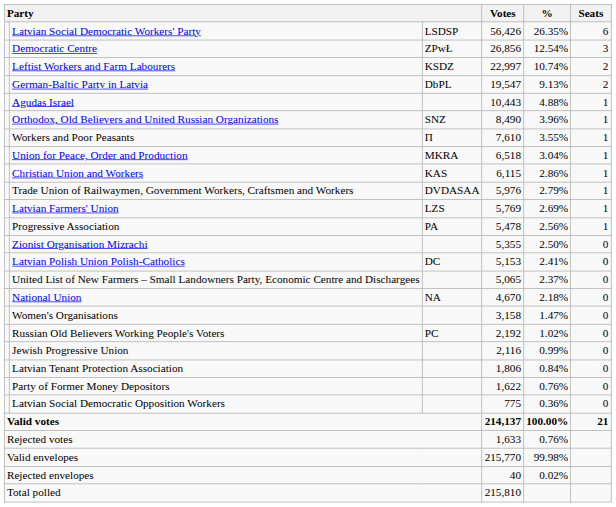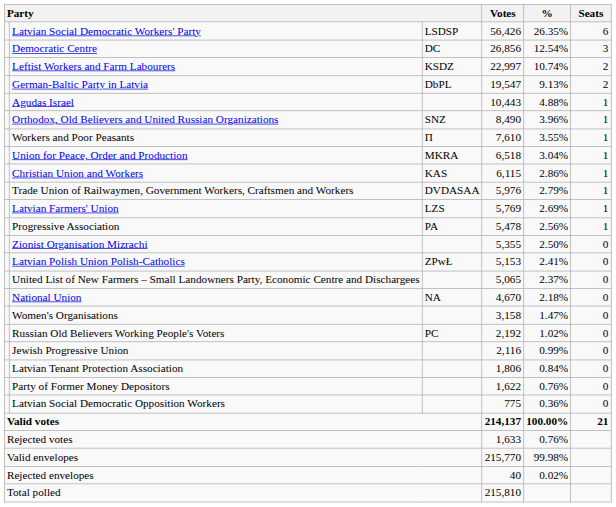 <table class="wikitable" border="1" style="text-align:right;">
 <tr>
 <th style="text-align:left;" colspan=3>Party</th>
 <th align=center width="50">Votes</th>
 <th align=center width="50">%</th>
 <th align=center width="50">Seats</th>
 </tr>
 <tr>
 <td></td>
 <td align=left style="white-space: nowrap;"><a href='#'>Latvian Social Democratic Workers' Party</a></td>
 <td align=left>LSDSP</td>
 <td>56,426</td>
 <td>26.35%</td>
 <td>6</td>
 </tr>
 <tr>
 <td></td>
 <td align=left><a href='#'>Democratic Centre</a></td>
-<td align=left>ZPwŁ</td>
+<td align=left>DC</td>
 <td>26,856</td>
 <td>12.54%</td>
 <td>3</td>
 </tr>
 <tr>
 <td></td>
 <td align=left><a href='#'>Leftist Workers and Farm Labourers</a></td>
 <td align=left>KSDZ</td>
 <td>22,997</td>
 <td>10.74%</td>
 <td>2</td>
 </tr>
 <tr>
 <td></td>
 <td align=left><a href='#'>German-Baltic Party in Latvia</a></td>
 <td align=left>DbPL</td>
 <td>19,547</td>
 <td>9.13%</td>
 <td>2</td>
 </tr>
 <tr>
 <td></td>
 <td align=left><a href='#'>Agudas Israel</a></td>
 <td align=left></td>
 <td>10,443</td>
 <td>4.88%</td>
 <td>1</td>
 </tr>
 <tr>
 <td></td>
 <td align=left><a href='#'>Orthodox, Old Believers and United Russian Organizations</a></td>
 <td align=left>SNZ</td>
 <td>8,490</td>
 <td>3.96%</td>
 <td>1</td>
 </tr>
 <tr>
 <td></td>
 <td align=left>Workers and Poor Peasants</td>
 <td align=left>П</td>
 <td>7,610</td>
 <td>3.55%</td>
 <td>1</td>
 </tr>
 <tr>
 <td></td>
 <td align=left><a href='#'>Union for Peace, Order and Production</a></td>
 <td align=left>MKRA</td>
 <td>6,518</td>
 <td>3.04%</td>
 <td>1</td>
 </tr>
 <tr>
 <td></td>
 <td align=left><a href='#'>Christian Union and Workers</a></td>
 <td align=left>KAS</td>
 <td>6,115</td>
 <td>2.86%</td>
 <td>1</td>
 </tr>
 <tr>
 <td></td>
 <td align=left>Trade Union of Railwaymen, Government Workers, Craftsmen and Workers</td>
 <td align=left>DVDASAA</td>
 <td>5,976</td>
 <td>2.79%</td>
 <td>1</td>
 </tr>
 <tr>
 <td></td>
 <td align=left><a href='#'>Latvian Farmers' Union</a></td>
 <td align=left>LZS</td>
 <td>5,769</td>
 <td>2.69%</td>
 <td>1</td>
 </tr>
 <tr>
 <td></td>
 <td align=left>Progressive Association</td>
 <td align=left>PA</td>
 <td>5,478</td>
 <td>2.56%</td>
 <td>1</td>
 </tr>
 <tr>
 <td></td>
 <td align=left><a href='#'>Zionist Organisation Mizrachi</a></td>
 <td align=left></td>
 <td>5,355</td>
 <td>2.50%</td>
 <td>0</td>
 </tr>
 <tr>
 <td></td>
 <td align=left><a href='#'>Latvian Polish Union Polish-Catholics</a></td>
-<td align=left>DC</td>
+<td align=left>ZPwŁ</td>
 <td>5,153</td>
 <td>2.41%</td>
 <td>0</td>
 </tr>
 <tr>
 <td></td>
 <td align=left>United List of New Farmers – Small Landowners Party, Economic Centre and Dischargees</td>
 <td align=left></td>
 <td>5,065</td>
 <td>2.37%</td>
 <td>0</td>
 </tr>
 <tr>
 <td></td>
 <td align=left><a href='#'>National Union</a></td>
 <td align=left>NA</td>
 <td>4,670</td>
 <td>2.18%</td>
 <td>0</td>
 </tr>
 <tr>
 <td></td>
 <td align=left>Women's Organisations</td>
 <td align=left></td>
 <td>3,158</td>
 <td>1.47%</td>
 <td>0</td>
 </tr>
 <tr>
 <td></td>
 <td align=left>Russian Old Believers Working People's Voters</td>
 <td align=left>РС</td>
 <td>2,192</td>
 <td>1.02%</td>
 <td>0</td>
 </tr>
 <tr>
 <td></td>
 <td align=left>Jewish Progressive Union</td>
 <td align=left></td>
 <td>2,116</td>
 <td>0.99%</td>
 <td>0</td>
 </tr>
 <tr>
 <td></td>
 <td align=left>Latvian Tenant Protection Association</td>
 <td align=left></td>
 <td>1,806</td>
 <td>0.84%</td>
 <td>0</td>
 </tr>
 <tr>
 <td></td>
 <td align=left>Party of Former Money Depositors</td>
 <td align=left></td>
 <td>1,622</td>
 <td>0.76%</td>
 <td>0</td>
 </tr>
 <tr>
 <td></td>
 <td align=left>Latvian Social Democratic Opposition Workers</td>
 <td align=left></td>
 <td>775</td>
 <td>0.36%</td>
 <td>0</td>
 </tr>
 <tr style="font-weight:bold">
 <td align=left colspan=3>Valid votes</td>
 <td>214,137</td>
 <td>100.00%</td>
 <td>21</td>
 </tr>
 <tr>
 <td align=left colspan=3>Rejected votes</td>
 <td>1,633</td>
 <td>0.76%</td>
 <td></td>
 </tr>
 <tr>
 <td align=left colspan=3>Valid envelopes</td>
 <td>215,770</td>
 <td>99.98%</td>
 <td></td>
 </tr>
 <tr>
 <td align=left colspan=3>Rejected envelopes</td>
 <td>40</td>
 <td>0.02%</td>
 <td></td>
 </tr>
 <tr>
 <td align=left colspan=3>Total polled</td>
 <td>215,810</td>
 <td></td>
 <td></td>
 </tr>
 </table>
